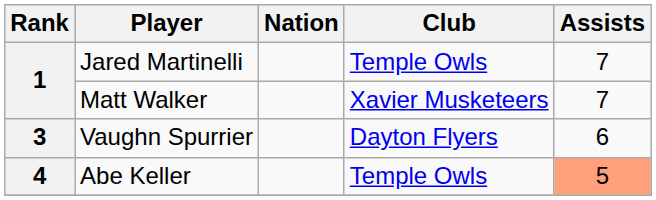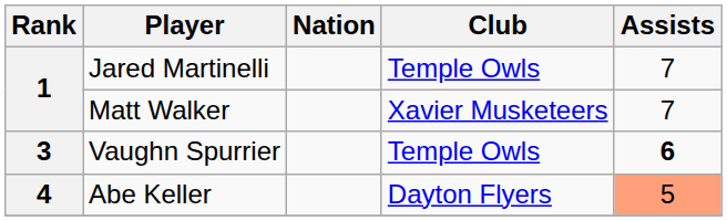 <table class="wikitable">
 <tr>
 <th>Rank</th>
 <th>Player</th>
 <th>Nation</th>
 <th>Club</th>
 <th>Assists</th>
 </tr>
 <tr>
 <th rowspan="2">1</th>
 <td>Jared Martinelli</td>
 <td></td>
 <td><a href='#'>Temple Owls</a></td>
 <td style="text-align:center;">7</td>
 </tr>
 <tr>
 <td>Matt Walker</td>
 <td></td>
 <td><a href='#'>Xavier Musketeers</a></td>
 <td style="text-align:center;">7</td>
 </tr>
 <tr>
 <th>3</th>
 <td>Vaughn Spurrier</td>
 <td></td>
-<td><a href='#'>Dayton Flyers</a></td>
-<td style="text-align:center;">6</td>
+<td><a href='#'>Temple Owls</a></td>
+<td style="text-align:center;"><strong>6</strong></td>
 </tr>
 <tr>
 <th>4</th>
 <td>Abe Keller</td>
 <td></td>
-<td><a href='#'>Temple Owls</a></td>
+<td><a href='#'>Dayton Flyers</a></td>
 <td style="background: lightsalmon; text-align:center;">5</td>
 </tr>
 <tr>
 </tr>
 </table>
